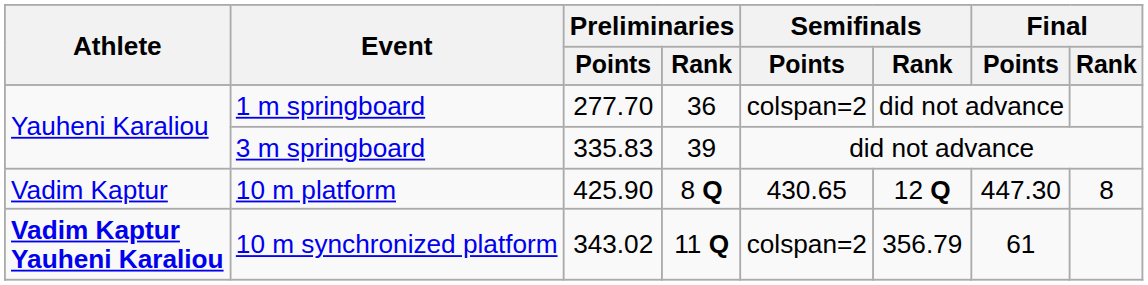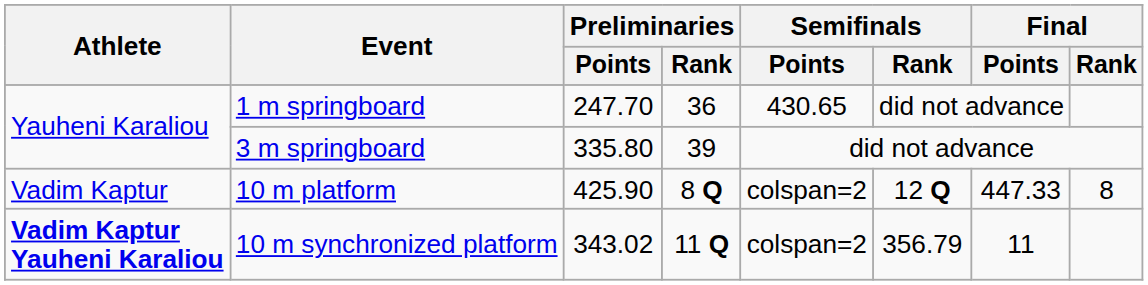 <table class=wikitable style="font-size:90%;">
 <tr>
 <th rowspan="2">Athlete</th>
 <th rowspan="2">Event</th>
 <th colspan="2">Preliminaries</th>
 <th colspan="2">Semifinals</th>
 <th colspan="2">Final</th>
 </tr>
 <tr style="font-size:95%">
 <th>Points</th>
 <th>Rank</th>
 <th>Points</th>
 <th>Rank</th>
 <th>Points</th>
 <th>Rank</th>
 </tr>
 <tr align=center>
 <td align=left rowspan=2><a href='#'>Yauheni Karaliou</a></td>
 <td align=left><a href='#'>1 m springboard</a></td>
-<td>277.70</td>
+<td>247.70</td>
 <td>36</td>
-<td>colspan=2 </td>
+<td>430.65</td>
 <td colspan=2>did not advance</td>
 </tr>
 <tr align=center>
 <td align=left><a href='#'>3 m springboard</a></td>
-<td>335.83</td>
+<td>335.80</td>
 <td>39</td>
 <td colspan=4>did not advance</td>
 </tr>
 <tr align=center>
 <td align=left><a href='#'>Vadim Kaptur</a></td>
 <td align=left><a href='#'>10 m platform</a></td>
 <td>425.90</td>
 <td>8 <strong>Q</strong></td>
-<td>430.65</td>
+<td>colspan=2 </td>
 <td>12 <strong>Q</strong></td>
-<td>447.30</td>
+<td>447.33</td>
 <td>8</td>
 </tr>
 <tr align=center>
 <td align=left><strong><a href='#'>Vadim Kaptur</a><br><a href='#'>Yauheni Karaliou</a></strong></td>
 <td align=left><a href='#'>10 m synchronized platform</a></td>
 <td>343.02</td>
 <td>11 <strong>Q</strong></td>
 <td>colspan=2 </td>
 <td>356.79</td>
-<td>61</td>
+<td>11</td>
 </tr>
 </table>
